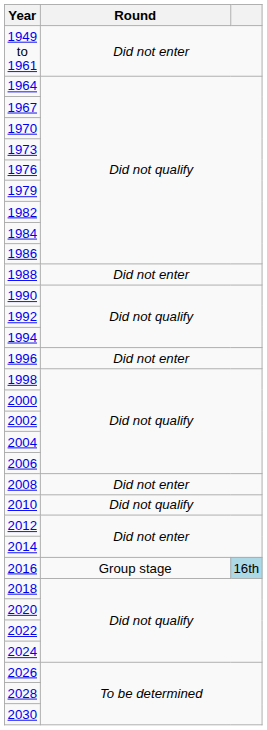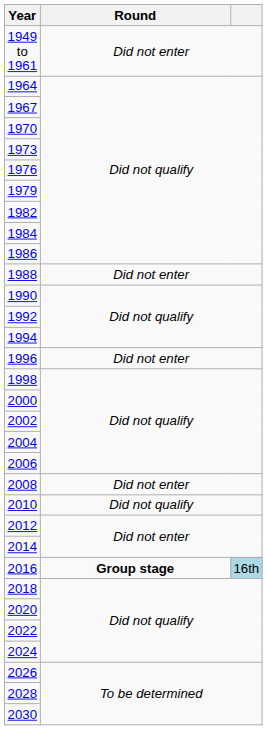 <table class="wikitable" style="text-align: center; font-size:90%">
 <tr>
 <th>Year</th>
 <th style="width:200px">Round</th>
 <th></th>
 </tr>
 <tr>
 <td><a href='#'>1949</a><br>to<br><a href='#'>1961</a></td>
 <td colspan="2"><em>Did not enter</em></td>
 </tr>
 <tr>
 <td><a href='#'>1964</a></td>
 <td colspan="2" rowspan="9"><em>Did not qualify</em></td>
 </tr>
 <tr>
 <td><a href='#'>1967</a></td>
 </tr>
 <tr>
 <td><a href='#'>1970</a></td>
 </tr>
 <tr>
 <td><a href='#'>1973</a></td>
 </tr>
 <tr>
 <td><a href='#'>1976</a></td>
 </tr>
 <tr>
 <td><a href='#'>1979</a></td>
 </tr>
 <tr>
 <td><a href='#'>1982</a></td>
 </tr>
 <tr>
 <td><a href='#'>1984</a></td>
 </tr>
 <tr>
 <td><a href='#'>1986</a></td>
 </tr>
 <tr>
 <td><a href='#'>1988</a></td>
 <td colspan="2"><em>Did not enter</em></td>
 </tr>
 <tr>
 <td><a href='#'>1990</a></td>
 <td colspan="2" rowspan="3"><em>Did not qualify</em></td>
 </tr>
 <tr>
 <td><a href='#'>1992</a></td>
 </tr>
 <tr>
 <td><a href='#'>1994</a></td>
 </tr>
 <tr>
 <td><a href='#'>1996</a></td>
 <td colspan="2"><em>Did not enter</em></td>
 </tr>
 <tr>
 <td><a href='#'>1998</a></td>
 <td colspan="2" rowspan="5"><em>Did not qualify</em></td>
 </tr>
 <tr>
 <td><a href='#'>2000</a></td>
 </tr>
 <tr>
 <td><a href='#'>2002</a></td>
 </tr>
 <tr>
 <td><a href='#'>2004</a></td>
 </tr>
 <tr>
 <td><a href='#'>2006</a></td>
 </tr>
 <tr>
 <td><a href='#'>2008</a></td>
 <td colspan="2"><em>Did not enter</em></td>
 </tr>
 <tr>
 <td><a href='#'>2010</a></td>
 <td colspan="2"><em>Did not qualify</em></td>
 </tr>
 <tr>
 <td><a href='#'>2012</a></td>
 <td colspan="2" rowspan="2"><em>Did not enter</em></td>
 </tr>
 <tr>
 <td><a href='#'>2014</a></td>
 </tr>
 <tr>
 <td><a href='#'>2016</a></td>
-<td>Group stage</td>
+<td><strong>Group stage</strong></td>
 <td style="background: lightblue;">16th</td>
 </tr>
 <tr>
 <td><a href='#'>2018</a></td>
 <td colspan="2" rowspan="4"><em>Did not qualify</em></td>
 </tr>
 <tr>
 <td><a href='#'>2020</a></td>
 </tr>
 <tr>
 <td><a href='#'>2022</a></td>
 </tr>
 <tr>
 <td><a href='#'>2024</a></td>
 </tr>
 <tr>
 <td><a href='#'>2026</a></td>
 <td colspan="2" rowspan="3"><em>To be determined</em></td>
 </tr>
 <tr>
 <td><a href='#'>2028</a></td>
 </tr>
 <tr>
 <td><a href='#'>2030</a></td>
 </tr>
 </table>
